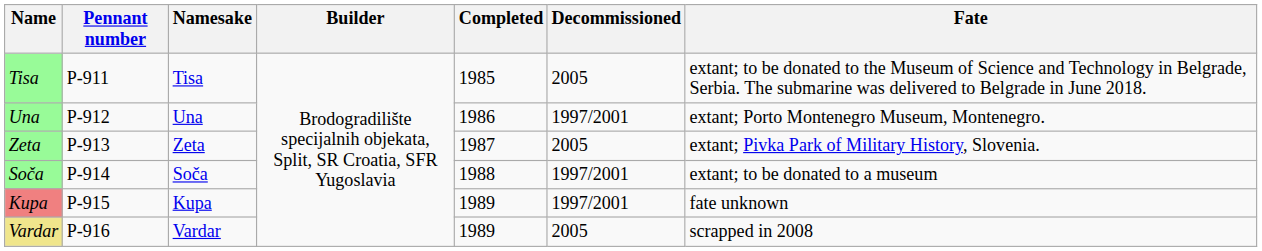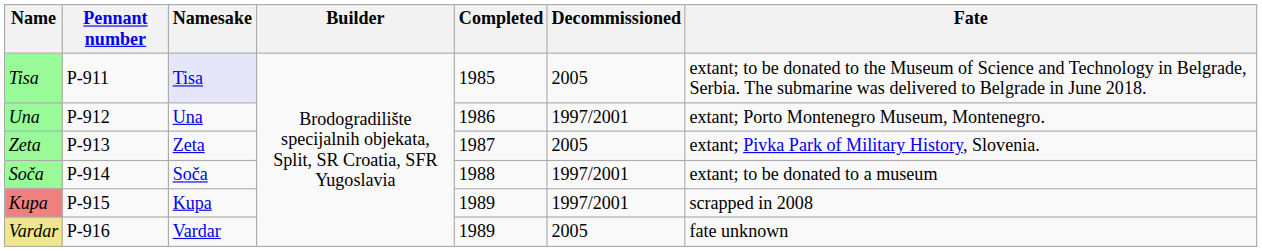 <table class=wikitable width=70%>
 <tr valign=top>
 <th>Name</th>
 <th><a href='#'>Pennant number</a></th>
 <th>Namesake</th>
 <th>Builder</th>
 <th>Completed</th>
 <th>Decommissioned</th>
 <th>Fate</th>
 </tr>
 <tr valign=middle>
 <td bgcolor="PaleGreen"><em>Tisa</em></td>
 <td>P-911</td>
-<td><a href='#'>Tisa</a></td>
+<td style="background: lavender;"><a href='#'>Tisa</a></td>
 <td align=center rowspan=6>Brodogradilište specijalnih objekata,<br>Split, SR Croatia, SFR Yugoslavia</td>
 <td>1985</td>
 <td>2005</td>
 <td>extant; to be donated to the Museum of Science and Technology in Belgrade, Serbia.  The submarine was delivered to Belgrade in June 2018.</td>
 </tr>
 <tr valign=middle>
 <td bgcolor="PaleGreen"><em>Una</em></td>
 <td>P-912</td>
 <td><a href='#'>Una</a></td>
 <td>1986</td>
 <td>1997/2001</td>
 <td>extant; Porto Montenegro Museum, Montenegro.</td>
 </tr>
 <tr valign=middle>
 <td bgcolor="PaleGreen"><em>Zeta</em></td>
 <td>P-913</td>
 <td><a href='#'>Zeta</a></td>
 <td>1987</td>
 <td>2005</td>
 <td>extant; <a href='#'>Pivka Park of Military History</a>, Slovenia.</td>
 </tr>
 <tr valign=middle>
 <td bgcolor="PaleGreen"><em>Soča</em></td>
 <td>P-914</td>
 <td><a href='#'>Soča</a></td>
 <td>1988</td>
 <td>1997/2001</td>
 <td>extant; to be donated to a museum</td>
 </tr>
 <tr valign=middle>
 <td bgcolor="LightCoral"><em>Kupa</em></td>
 <td>P-915</td>
 <td><a href='#'>Kupa</a></td>
 <td>1989</td>
 <td>1997/2001</td>
-<td>fate unknown</td>
+<td>scrapped in 2008</td>
 </tr>
 <tr valign=middle>
 <td bgcolor="Khaki"><em>Vardar</em></td>
 <td>P-916</td>
 <td><a href='#'>Vardar</a></td>
 <td>1989</td>
 <td>2005</td>
-<td>scrapped in 2008</td>
+<td>fate unknown</td>
 </tr>
 </table>
